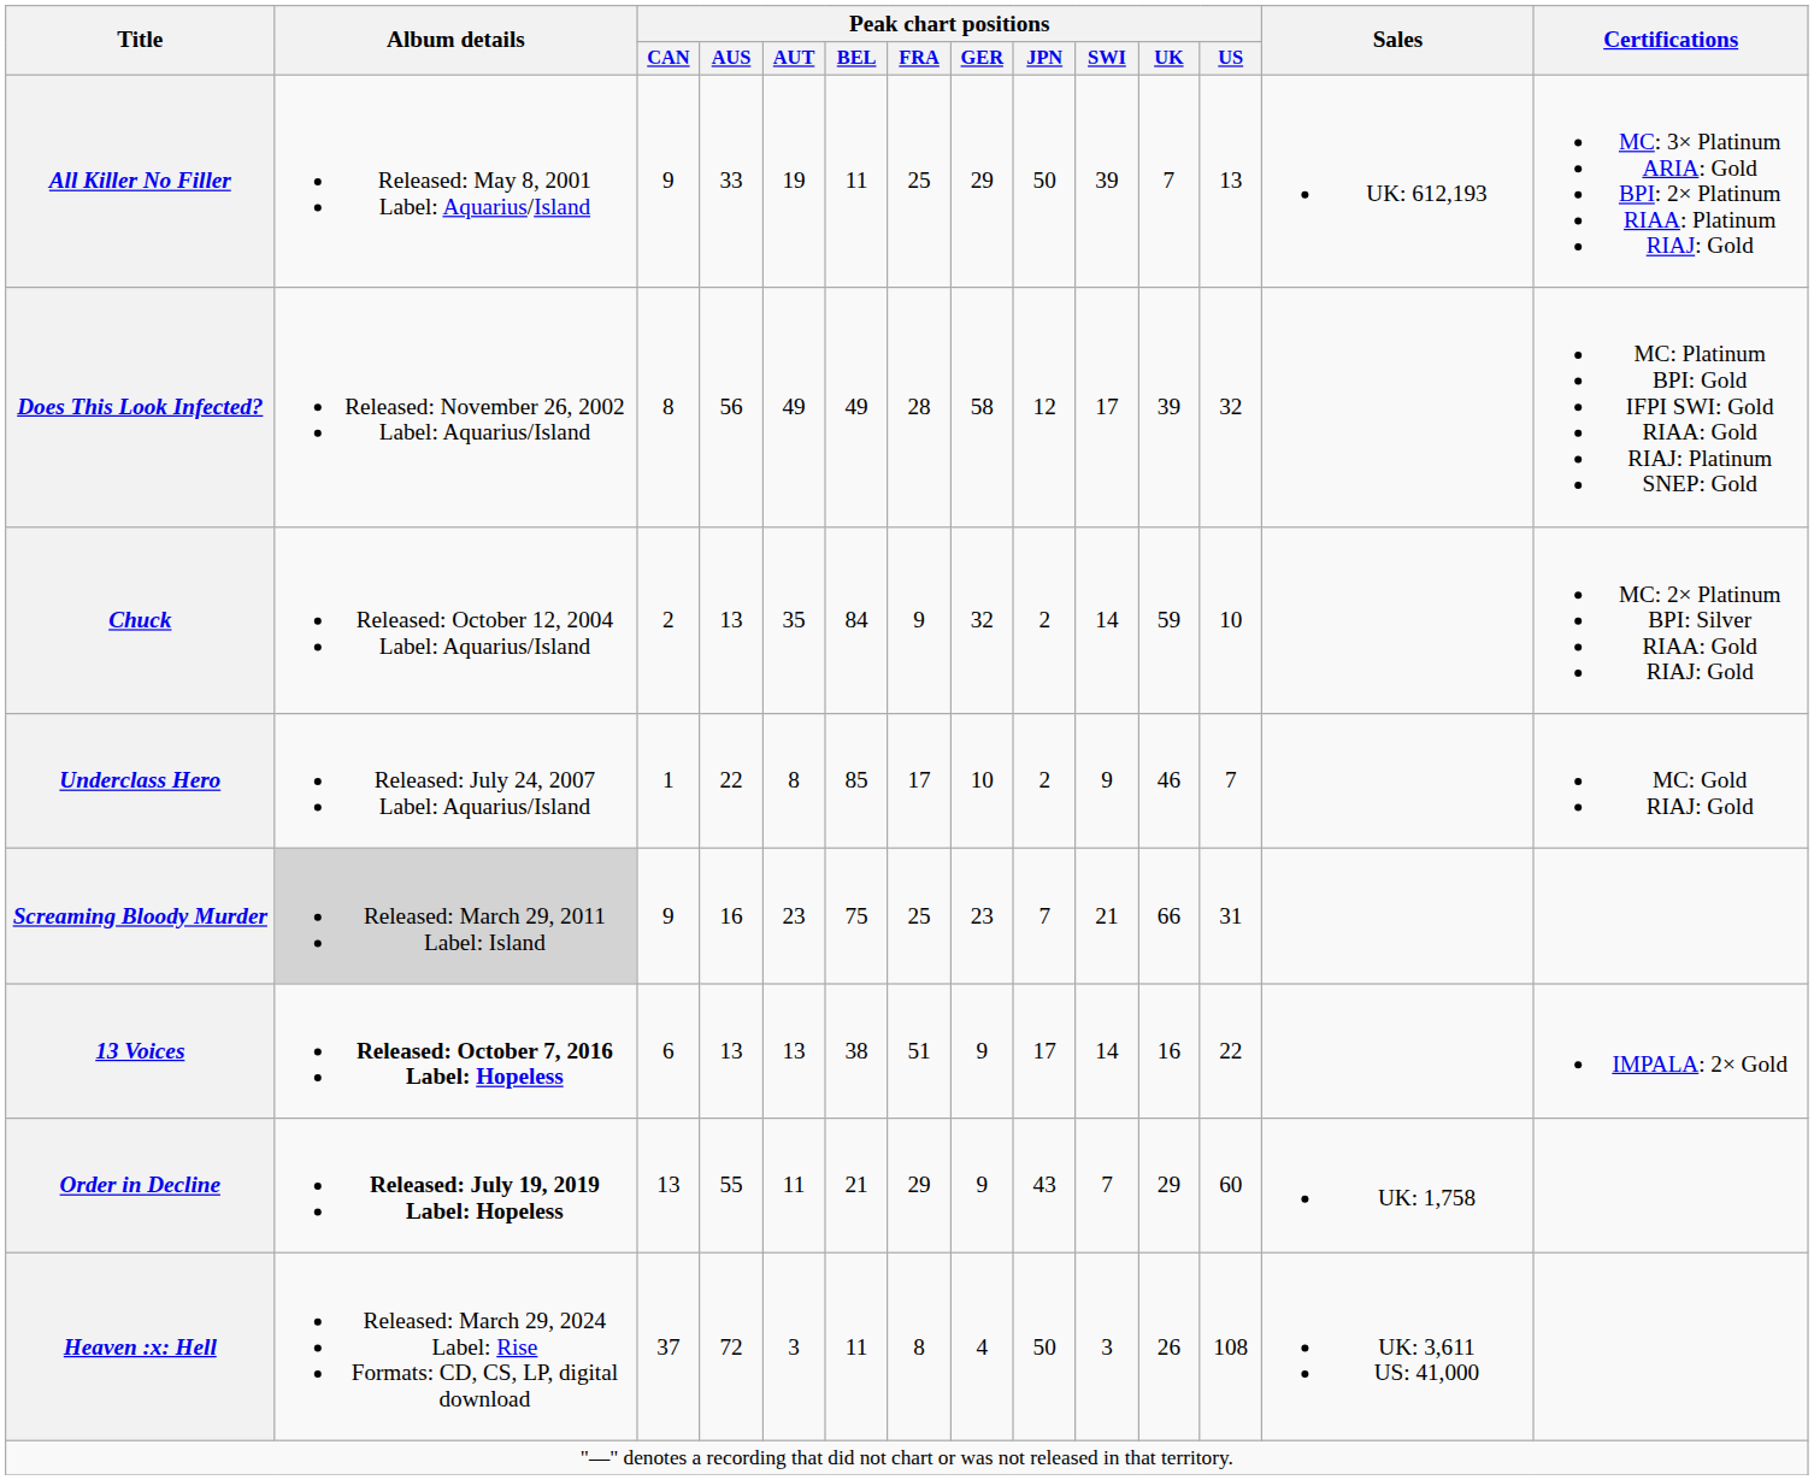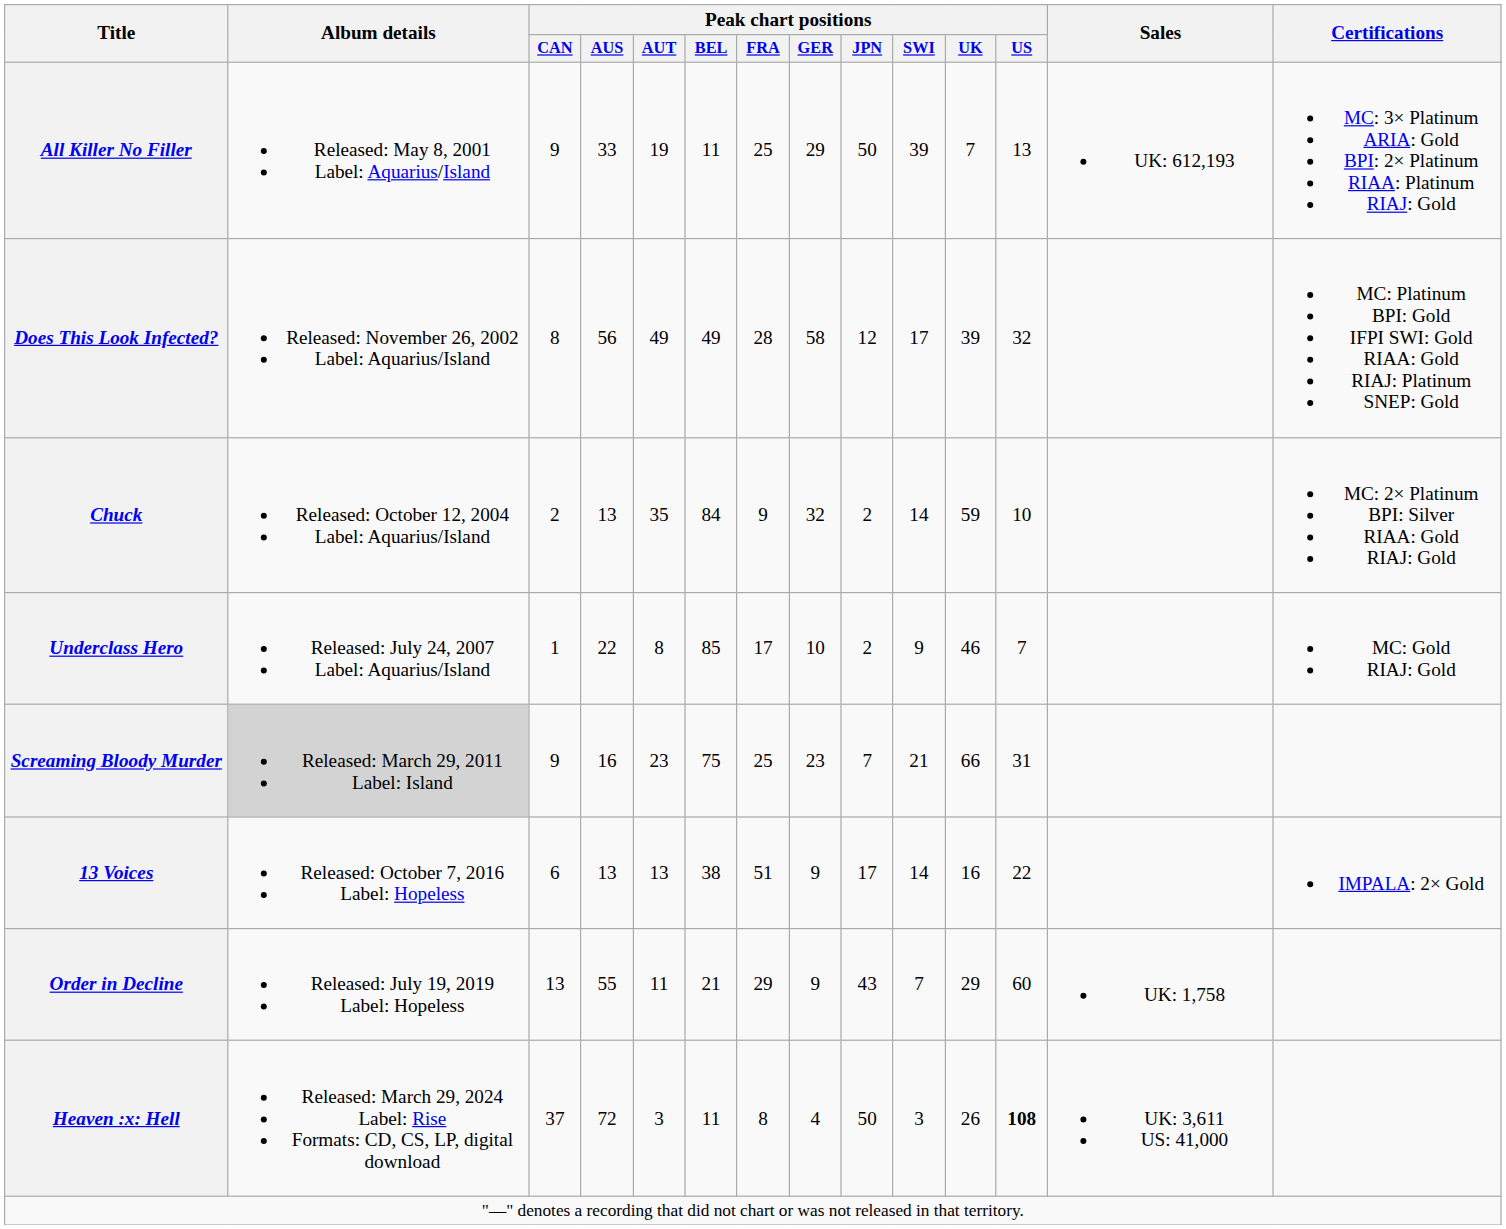 <table class="wikitable plainrowheaders" style="text-align:center;" border="1">
 <tr>
 <th scope="col" rowspan="2" style="width:12em;">Title</th>
 <th scope="col" rowspan="2" style="width:16em;">Album details</th>
 <th scope="col" colspan="10">Peak chart positions</th>
 <th scope="col" rowspan="2" style="width:12em;">Sales</th>
 <th scope="col" rowspan="2" style="width:12em;"><a href='#'>Certifications</a></th>
 </tr>
 <tr>
 <th scope="col" style="width:2.8em;font-size:85%;"><a href='#'>CAN</a><br></th>
 <th scope="col" style="width:2.8em;font-size:85%;"><a href='#'>AUS</a><br></th>
 <th scope="col" style="width:2.8em;font-size:85%;"><a href='#'>AUT</a><br></th>
 <th scope="col" style="width:2.8em;font-size:85%;"><a href='#'>BEL</a><br></th>
 <th scope="col" style="width:2.8em;font-size:85%;"><a href='#'>FRA</a><br></th>
 <th scope="col" style="width:2.8em;font-size:85%;"><a href='#'>GER</a><br></th>
 <th scope="col" style="width:2.8em;font-size:85%;"><a href='#'>JPN</a><br></th>
 <th scope="col" style="width:2.8em;font-size:85%;"><a href='#'>SWI</a><br></th>
 <th scope="col" style="width:2.8em;font-size:85%;"><a href='#'>UK</a><br></th>
 <th scope="col" style="width:2.8em;font-size:85%;"><a href='#'>US</a><br></th>
 </tr>
 <tr>
 <th scope="row"><em><a href='#'>All Killer No Filler</a></em></th>
 <td><br><ul><li>Released: May 8, 2001</li><li>Label: <a href='#'>Aquarius</a>/<a href='#'>Island</a></li></ul></td>
 <td>9</td>
 <td>33</td>
 <td>19</td>
 <td>11</td>
 <td>25</td>
 <td>29</td>
 <td>50</td>
 <td>39</td>
 <td>7</td>
 <td>13</td>
 <td><br><ul><li>UK: 612,193</li></ul></td>
 <td><br><ul><li><a href='#'>MC</a>: 3× Platinum</li><li><a href='#'>ARIA</a>: Gold</li><li><a href='#'>BPI</a>: 2× Platinum</li><li><a href='#'>RIAA</a>: Platinum</li><li><a href='#'>RIAJ</a>: Gold</li></ul></td>
 </tr>
 <tr>
 <th scope="row"><em><a href='#'>Does This Look Infected?</a></em></th>
 <td><br><ul><li>Released: November 26, 2002</li><li>Label: Aquarius/Island</li></ul></td>
 <td>8</td>
 <td>56</td>
 <td>49</td>
 <td>49</td>
 <td>28</td>
 <td>58</td>
 <td>12</td>
 <td>17</td>
 <td>39</td>
 <td>32</td>
 <td></td>
 <td><br><ul><li>MC: Platinum</li><li>BPI: Gold</li><li>IFPI SWI: Gold</li><li>RIAA: Gold</li><li>RIAJ: Platinum</li><li>SNEP: Gold</li></ul></td>
 </tr>
 <tr>
 <th scope="row"><em><a href='#'>Chuck</a></em></th>
 <td><br><ul><li>Released: October 12, 2004</li><li>Label: Aquarius/Island</li></ul></td>
 <td>2</td>
 <td>13</td>
 <td>35</td>
 <td>84</td>
 <td>9</td>
 <td>32</td>
 <td>2</td>
 <td>14</td>
 <td>59</td>
 <td>10</td>
 <td></td>
 <td><br><ul><li>MC: 2× Platinum</li><li>BPI: Silver</li><li>RIAA: Gold</li><li>RIAJ: Gold</li></ul></td>
 </tr>
 <tr>
 <th scope="row"><em><a href='#'>Underclass Hero</a></em></th>
 <td><br><ul><li>Released: July 24, 2007</li><li>Label: Aquarius/Island</li></ul></td>
 <td>1</td>
 <td>22</td>
 <td>8</td>
 <td>85</td>
 <td>17</td>
 <td>10</td>
 <td>2</td>
 <td>9</td>
 <td>46</td>
 <td>7</td>
 <td></td>
 <td><br><ul><li>MC: Gold</li><li>RIAJ: Gold</li></ul></td>
 </tr>
 <tr>
 <th scope="row"><em><a href='#'>Screaming Bloody Murder</a></em></th>
 <td style="background: lightgrey;"><br><ul><li>Released: March 29, 2011</li><li>Label: Island</li></ul></td>
 <td>9</td>
 <td>16</td>
 <td>23</td>
 <td>75</td>
 <td>25</td>
 <td>23</td>
 <td>7</td>
 <td>21</td>
 <td>66</td>
 <td>31</td>
 <td></td>
 <td></td>
 </tr>
 <tr>
 <th scope="row"><em><a href='#'>13 Voices</a></em></th>
-<td><strong><br><ul><li>Released: October 7, 2016</li><li>Label: <a href='#'>Hopeless</a></li></ul></strong></td>
+<td><br><ul><li>Released: October 7, 2016</li><li>Label: <a href='#'>Hopeless</a></li></ul></td>
 <td>6</td>
 <td>13</td>
 <td>13</td>
 <td>38</td>
 <td>51</td>
 <td>9</td>
 <td>17</td>
 <td>14</td>
 <td>16</td>
 <td>22</td>
 <td></td>
 <td><br><ul><li><a href='#'>IMPALA</a>: 2× Gold</li></ul></td>
 </tr>
 <tr>
 <th scope="row"><em><a href='#'>Order in Decline</a></em></th>
-<td><strong><br><ul><li>Released: July 19, 2019</li><li>Label: Hopeless</li></ul></strong></td>
+<td><br><ul><li>Released: July 19, 2019</li><li>Label: Hopeless</li></ul></td>
 <td>13</td>
 <td>55</td>
 <td>11</td>
 <td>21</td>
 <td>29</td>
 <td>9</td>
 <td>43</td>
 <td>7</td>
 <td>29</td>
 <td>60</td>
 <td><br><ul><li>UK: 1,758</li></ul></td>
 <td></td>
 </tr>
 <tr>
 <th scope="row"><em><a href='#'>Heaven :x: Hell</a></em></th>
 <td><br><ul><li>Released: March 29, 2024</li><li>Label: <a href='#'>Rise</a></li><li>Formats: CD, CS, LP, digital download</li></ul></td>
 <td>37</td>
 <td>72</td>
 <td>3</td>
 <td>11</td>
 <td>8</td>
 <td>4</td>
 <td>50</td>
 <td>3</td>
 <td>26</td>
-<td>108</td>
+<td><strong>108</strong></td>
 <td><br><ul><li>UK: 3,611</li><li>US: 41,000</li></ul></td>
 <td></td>
 </tr>
 <tr>
 <td colspan="15" style="font-size:90%">"—" denotes a recording that did not chart or was not released in that territory.</td>
 </tr>
 </table>
